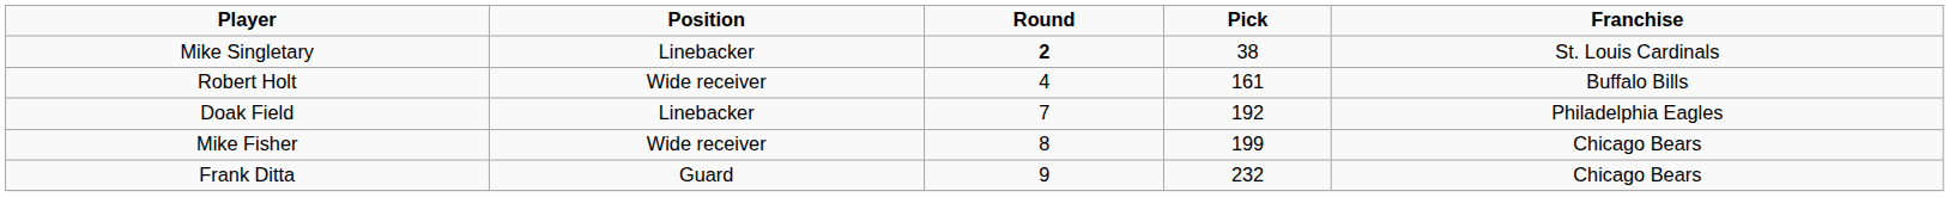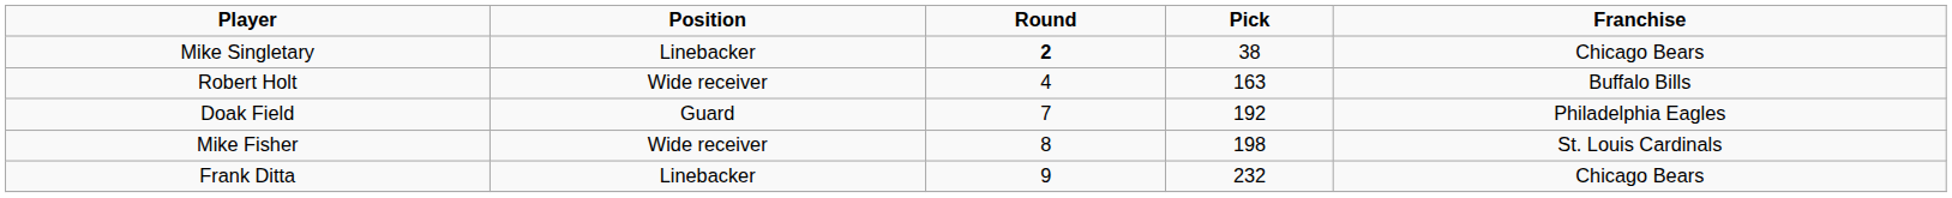 <table class="wikitable" width="80%">
 <tr align="center">
 <td><strong>Player</strong></td>
 <td><strong>Position</strong></td>
 <td><strong>Round</strong></td>
 <td><strong>Pick</strong></td>
 <td><strong>Franchise</strong></td>
 </tr>
 <tr align="center" bgcolor="">
 <td>Mike Singletary</td>
 <td>Linebacker</td>
 <td><strong>2</strong></td>
 <td>38</td>
-<td>St. Louis Cardinals</td>
+<td>Chicago Bears</td>
 </tr>
 <tr align="center" bgcolor="">
 <td>Robert Holt</td>
 <td>Wide receiver</td>
 <td>4</td>
-<td>161</td>
+<td>163</td>
 <td>Buffalo Bills</td>
 </tr>
 <tr align="center" bgcolor="">
 <td>Doak Field</td>
-<td>Linebacker</td>
+<td>Guard</td>
 <td>7</td>
 <td>192</td>
 <td>Philadelphia Eagles</td>
 </tr>
 <tr align="center" bgcolor="">
 <td>Mike Fisher</td>
 <td>Wide receiver</td>
 <td>8</td>
-<td>199</td>
-<td>Chicago Bears</td>
+<td>198</td>
+<td>St. Louis Cardinals</td>
 </tr>
 <tr align="center" bgcolor="">
 <td>Frank Ditta</td>
-<td>Guard</td>
+<td>Linebacker</td>
 <td>9</td>
 <td>232</td>
 <td>Chicago Bears</td>
 </tr>
 <tr align="center" bgcolor="">
 </tr>
 </table>
